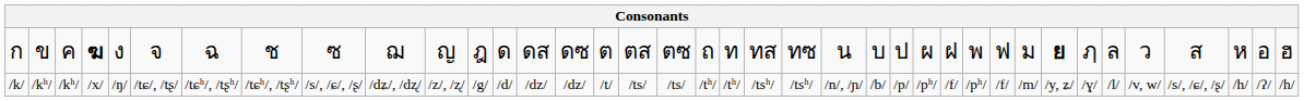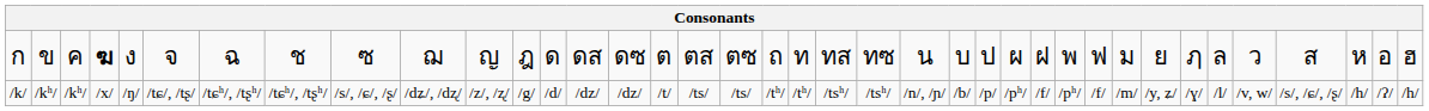 <table class="wikitable" style="text-align: center; vertical-align: middle; ">
 <tr>
 <th colspan="42">Consonants</th>
 </tr>
 <tr style="font-size: 150%">
 <td>ก</td>
 <td>ข</td>
 <td>ค</td>
 <td><strong>ฆ</strong></td>
 <td>ง</td>
 <td>จ</td>
 <td>ฉ</td>
 <td>ช</td>
 <td>ซ</td>
 <td>ฌ</td>
 <td>ญ</td>
 <td>ฎ</td>
 <td>ด</td>
 <td>ดส</td>
 <td>ดซ</td>
 <td>ต</td>
 <td>ตส</td>
 <td>ตซ</td>
 <td>ถ</td>
 <td>ท</td>
 <td>ทส</td>
 <td>ทซ</td>
 <td>น</td>
 <td>บ</td>
 <td>ป</td>
 <td>ผ</td>
 <td>ฝ</td>
 <td>พ</td>
 <td>ฟ</td>
 <td>ม</td>
-<td><strong>ย</strong></td>
+<td>ย</td>
 <td>ฦ</td>
 <td>ล</td>
 <td>ว</td>
 <td>ส</td>
 <td>ห</td>
 <td>อ</td>
 <td>ฮ</td>
 </tr>
 <tr ---->
 <td>/k/</td>
 <td>/kʰ/</td>
 <td>/kʰ/</td>
 <td>/x/</td>
 <td>/ŋ/</td>
 <td>/tɕ/, /tʂ/</td>
 <td>/tɕʰ/, /tʂʰ/</td>
 <td>/tɕʰ/, /tʂʰ/</td>
 <td>/s/, /ɕ/, /ʂ/</td>
 <td>/dʑ/, /dʐ/</td>
 <td>/z/, /ʐ/</td>
 <td>/g/</td>
 <td>/d/</td>
 <td>/dz/</td>
 <td>/dz/</td>
 <td>/t/</td>
 <td>/ts/</td>
 <td>/ts/</td>
 <td>/tʰ/</td>
 <td>/tʰ/</td>
 <td>/tsʰ/</td>
 <td>/tsʰ/</td>
 <td>/n/, /ɲ/</td>
 <td>/b/</td>
 <td>/p/</td>
 <td>/pʰ/</td>
 <td>/f/</td>
 <td>/pʰ/</td>
 <td>/f/</td>
 <td>/m/</td>
 <td>/y, ʑ/</td>
 <td>/ɣ/</td>
 <td>/l/</td>
 <td>/v, w/</td>
 <td>/s/, /ɕ/, /ʂ/</td>
 <td>/h/</td>
 <td>/ʔ/</td>
 <td>/h/</td>
 </tr>
 </table>
